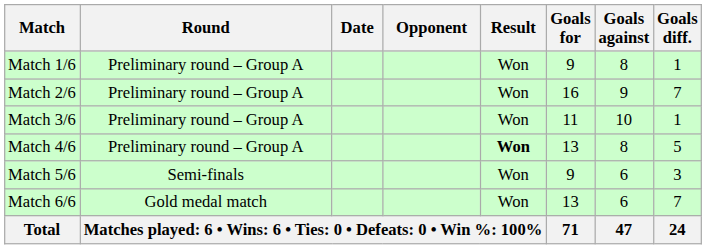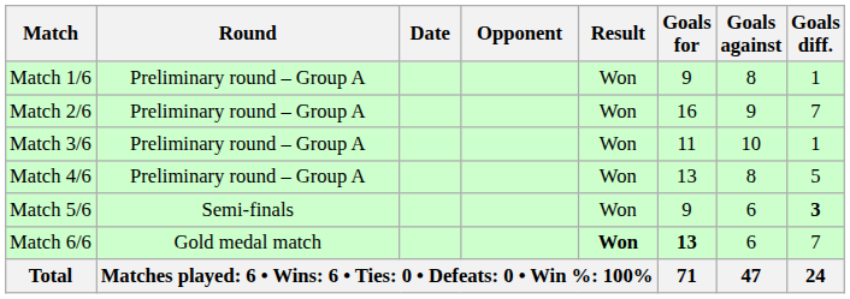 <table class="wikitable sortable" style="text-align: center; font-size: 85%; margin-left: 1em;">
 <tr>
 <th>Match</th>
 <th>Round</th>
 <th>Date</th>
 <th>Opponent</th>
 <th>Result</th>
 <th>Goals<br>for</th>
 <th>Goals<br>against</th>
 <th>Goals<br>diff.</th>
 </tr>
 <tr style="background-color: #ccffcc;">
 <td>Match 1/6</td>
 <td>Preliminary round – Group A</td>
 <td style="text-align: right;"></td>
 <td style="text-align: left;"></td>
 <td>Won</td>
 <td>9</td>
 <td>8</td>
 <td>1</td>
 </tr>
 <tr style="background-color: #ccffcc;">
 <td>Match 2/6</td>
 <td>Preliminary round – Group A</td>
 <td style="text-align: right;"></td>
 <td style="text-align: left;"></td>
 <td>Won</td>
 <td>16</td>
 <td>9</td>
 <td>7</td>
 </tr>
 <tr style="background-color: #ccffcc;">
 <td>Match 3/6</td>
 <td>Preliminary round – Group A</td>
 <td style="text-align: right;"></td>
 <td style="text-align: left;"></td>
 <td>Won</td>
 <td>11</td>
 <td>10</td>
 <td>1</td>
 </tr>
 <tr style="background-color: #ccffcc;">
 <td>Match 4/6</td>
 <td>Preliminary round – Group A</td>
 <td style="text-align: right;"></td>
 <td style="text-align: left;"></td>
-<td><strong>Won</strong></td>
+<td>Won</td>
 <td>13</td>
 <td>8</td>
 <td>5</td>
 </tr>
 <tr style="background-color: #ccffcc;">
 <td>Match 5/6</td>
 <td>Semi-finals</td>
 <td style="text-align: right;"></td>
 <td style="text-align: left;"></td>
 <td>Won</td>
 <td>9</td>
 <td>6</td>
-<td>3</td>
+<td><strong>3</strong></td>
 </tr>
 <tr style="background-color: #ccffcc;">
 <td>Match 6/6</td>
 <td>Gold medal match</td>
 <td style="text-align: right;"></td>
 <td style="text-align: left;"></td>
-<td>Won</td>
-<td>13</td>
+<td><strong>Won</strong></td>
+<td><strong>13</strong></td>
 <td>6</td>
 <td>7</td>
 </tr>
 <tr>
 <th>Total</th>
 <th colspan="4">Matches played: 6 • Wins: 6 • Ties: 0 • Defeats: 0 • Win %: 100%</th>
 <th>71</th>
 <th>47</th>
 <th>24</th>
 </tr>
 </table>
